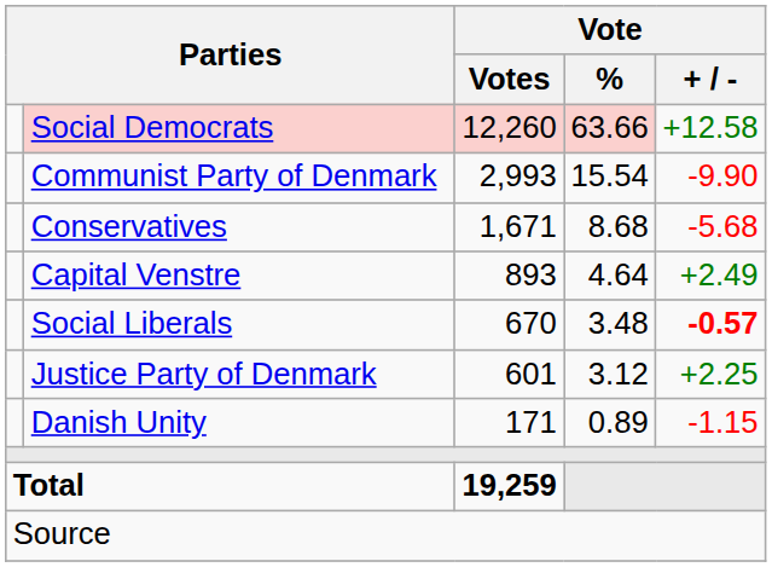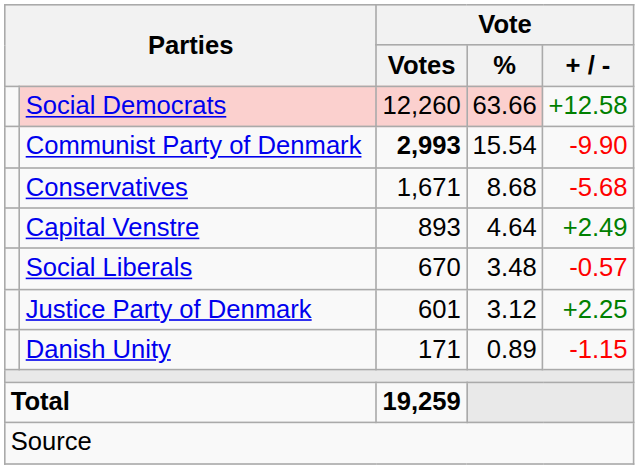 <table class="wikitable" style="text-align:right;">
 <tr>
 <th style="text-align:centre;" rowspan="2" colspan="2" width="225">Parties</th>
 <th colspan="3">Vote</th>
 </tr>
 <tr>
 <th width="15">Votes</th>
 <th width="15">%</th>
 <th width="15">+ / -</th>
 </tr>
 <tr>
 <td width="2" style="color:inherit;background:"></td>
 <td bgcolor=#fbd0ce  align="left"><a href='#'>Social Democrats</a></td>
 <td bgcolor=#fbd0ce>12,260</td>
 <td bgcolor=#fbd0ce>63.66</td>
 <td style=color:green;>+12.58</td>
 </tr>
 <tr>
 <td width="2" style="color:inherit;background:"></td>
 <td align="left"><a href='#'>Communist Party of Denmark</a></td>
-<td>2,993</td>
+<td><strong>2,993</strong></td>
 <td>15.54</td>
 <td style=color:red;>-9.90</td>
 </tr>
 <tr>
 <td width="2" style="color:inherit;background:"></td>
 <td align="left"><a href='#'>Conservatives</a></td>
 <td>1,671</td>
 <td>8.68</td>
 <td style=color:red;>-5.68</td>
 </tr>
 <tr>
 <td width="2" style="color:inherit;background:"></td>
 <td align="left"><a href='#'>Capital Venstre</a></td>
 <td>893</td>
 <td>4.64</td>
 <td style=color:green;>+2.49</td>
 </tr>
 <tr>
 <td width="2" style="color:inherit;background:"></td>
 <td align="left"><a href='#'>Social Liberals</a></td>
 <td>670</td>
 <td>3.48</td>
-<td style=color:red;><strong>-0.57</strong></td>
+<td style=color:red;>-0.57</td>
 </tr>
 <tr>
 <td width="2" style="color:inherit;background:"></td>
 <td align="left"><a href='#'>Justice Party of Denmark</a></td>
 <td>601</td>
 <td>3.12</td>
 <td style=color:green;>+2.25</td>
 </tr>
 <tr>
 <td width="2" style="color:inherit;background:"></td>
 <td align="left"><a href='#'>Danish Unity</a></td>
 <td>171</td>
 <td>0.89</td>
 <td style=color:red;>-1.15</td>
 </tr>
 <tr>
 <td colspan="7" bgcolor="#E9E9E9"></td>
 </tr>
 <tr>
 <td align="left" colspan="2"><strong>Total</strong></td>
 <td><strong>19,259</strong></td>
 <td bgcolor="#E9E9E9" colspan="2"></td>
 </tr>
 <tr>
 <td align="left" colspan="6">Source</td>
 </tr>
 </table>
